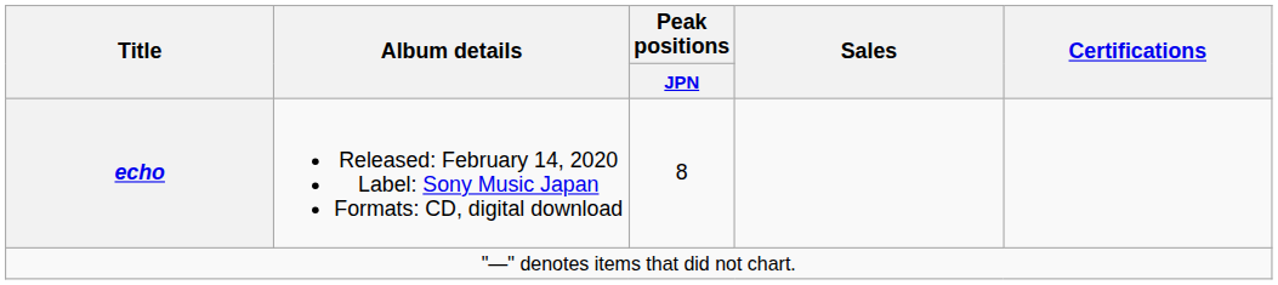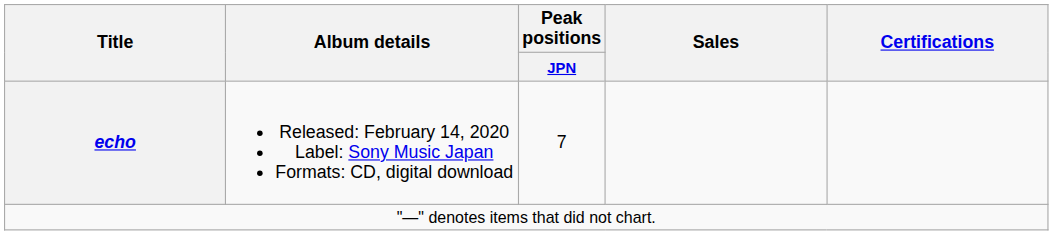 <table class="wikitable plainrowheaders" style="text-align:center;">
 <tr>
 <th style="width:12em;" rowspan="2">Title</th>
 <th style="width:16em;" rowspan="2">Album details</th>
 <th colspan="1">Peak positions</th>
 <th style="width:12em;" rowspan="2">Sales</th>
 <th style="width:12em;" rowspan="2"><a href='#'>Certifications</a></th>
 </tr>
 <tr>
 <th style="width:2.5em;"><small><a href='#'>JPN</a></small></th>
 </tr>
 <tr>
 <th scope="row"><em><a href='#'>echo</a></em></th>
 <td><br><ul><li>Released: February 14, 2020 </li><li>Label: <a href='#'>Sony Music Japan</a></li><li>Formats: CD, digital download</li></ul></td>
-<td>8</td>
+<td>7</td>
 <td></td>
 <td align="left"></td>
 </tr>
 <tr>
 <td colspan="12" align="center" style="font-size:90%;">"—" denotes items that did not chart.</td>
 </tr>
 </table>
